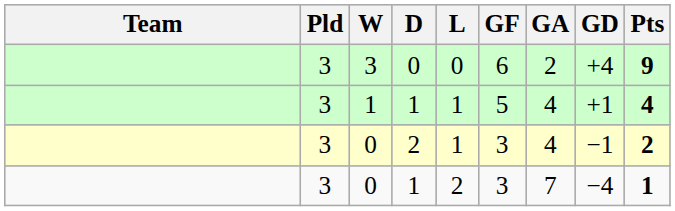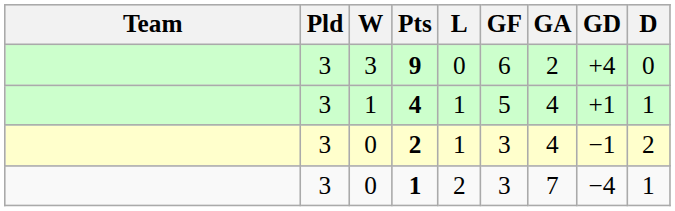 <table class="wikitable" style="text-align:center;">
 <tr>
 <th width=180>Team</th>
 <th width=20>Pld</th>
 <th width=20>W</th>
-<th width=20>D</th>
+<th width=20>Pts</th>
 <th width=20>L</th>
 <th width=20>GF</th>
 <th width=20>GA</th>
 <th width=20>GD</th>
-<th width=20>Pts</th>
+<th width=20>D</th>
 </tr>
 <tr bgcolor=ccffcc>
 <td align="left"></td>
 <td>3</td>
 <td>3</td>
-<td>0</td>
+<td><strong>9</strong></td>
 <td>0</td>
 <td>6</td>
 <td>2</td>
 <td>+4</td>
-<td><strong>9</strong></td>
+<td>0</td>
 </tr>
 <tr bgcolor=ccffcc>
 <td align="left"></td>
 <td>3</td>
 <td>1</td>
-<td>1</td>
+<td><strong>4</strong></td>
 <td>1</td>
 <td>5</td>
 <td>4</td>
 <td>+1</td>
-<td><strong>4</strong></td>
+<td>1</td>
 </tr>
 <tr bgcolor=ffffcc>
 <td align="left"></td>
 <td>3</td>
 <td>0</td>
-<td>2</td>
+<td><strong>2</strong></td>
 <td>1</td>
 <td>3</td>
 <td>4</td>
 <td>−1</td>
-<td><strong>2</strong></td>
+<td>2</td>
 </tr>
 <tr>
 <td align="left"></td>
 <td>3</td>
 <td>0</td>
-<td>1</td>
+<td><strong>1</strong></td>
 <td>2</td>
 <td>3</td>
 <td>7</td>
 <td>−4</td>
-<td><strong>1</strong></td>
+<td>1</td>
 </tr>
 </table>
